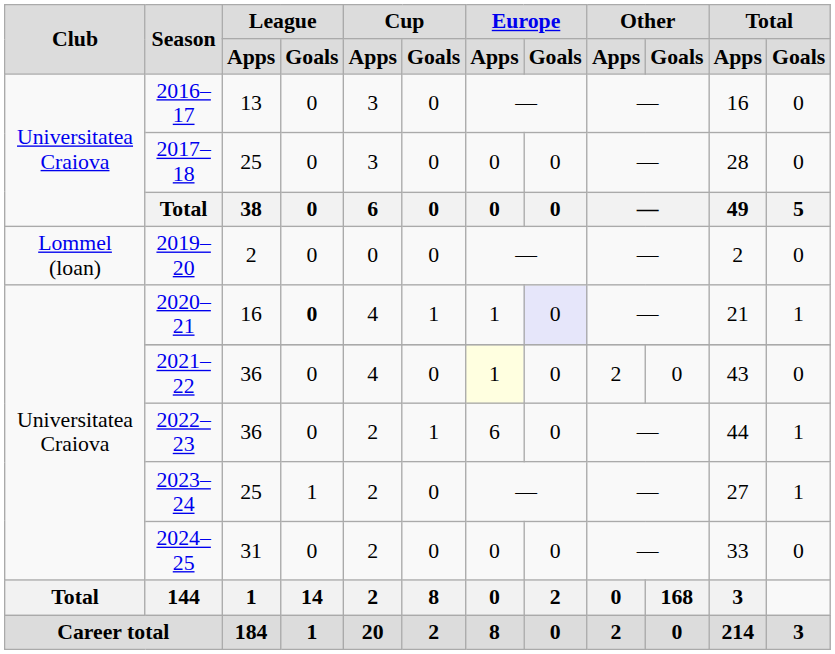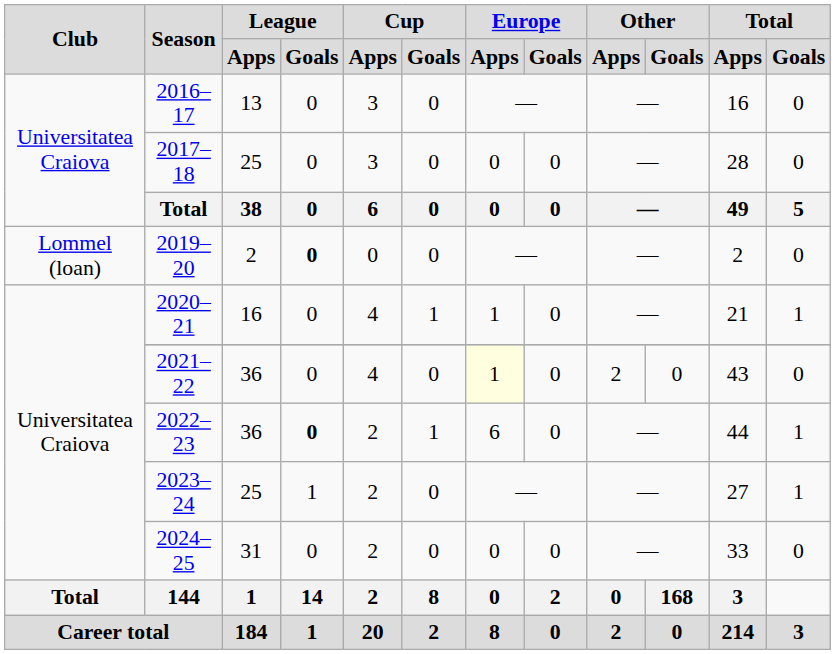 <table class="wikitable" style="text-align:center">
 <tr>
 <th style="background: #DCDCDC; text-align: center" rowspan="2"><strong>Club</strong></th>
 <th style="background: #DCDCDC; text-align: center" rowspan="2"><strong>Season</strong></th>
 <th style="background: #DCDCDC; text-align: center" colspan="2"><strong>League</strong></th>
 <th style="background: #DCDCDC; text-align: center" colspan="2"><strong>Cup</strong></th>
 <th style="background: #DCDCDC; text-align: center" colspan="2"><a href='#'>Europe</a></th>
 <th style="background: #DCDCDC; text-align: center" colspan="2"><strong>Other</strong></th>
 <th style="background: #DCDCDC; text-align: center" colspan="3"><strong>Total</strong></th>
 </tr>
 <tr>
 <th style="background:#dcdcdc; text-align:center;">Apps</th>
 <th style="background:#dcdcdc; text-align:center;">Goals</th>
 <th style="background:#dcdcdc; text-align:center;">Apps</th>
 <th style="background:#dcdcdc; text-align:center;">Goals</th>
 <th style="background:#dcdcdc; text-align:center;">Apps</th>
 <th style="background:#dcdcdc; text-align:center;">Goals</th>
 <th style="background:#dcdcdc; text-align:center;">Apps</th>
 <th style="background:#dcdcdc; text-align:center;">Goals</th>
 <th style="background:#dcdcdc; text-align:center;">Apps</th>
 <th style="background:#dcdcdc; text-align:center;">Goals</th>
 </tr>
 <tr>
 <td rowspan="3"><a href='#'>Universitatea Craiova</a></td>
 <td><a href='#'>2016–17</a></td>
 <td>13</td>
 <td>0</td>
 <td>3</td>
 <td>0</td>
 <td rowspan=1 colspan="2">—</td>
 <td rowspan=1 colspan="2">—</td>
 <td>16</td>
 <td>0</td>
 </tr>
 <tr>
 <td><a href='#'>2017–18</a></td>
 <td>25</td>
 <td>0</td>
 <td>3</td>
 <td>0</td>
 <td>0</td>
 <td>0</td>
 <td rowspan=1 colspan="2">—</td>
 <td>28</td>
 <td>0</td>
 </tr>
 <tr>
 <th colspan="1">Total</th>
 <th>38</th>
 <th>0</th>
 <th>6</th>
 <th>0</th>
 <th>0</th>
 <th>0</th>
 <th colspan="2">—</th>
 <th>49</th>
 <th>5</th>
 </tr>
 <tr>
 <td><a href='#'>Lommel</a> (loan)</td>
 <td><a href='#'>2019–20</a></td>
 <td>2</td>
-<td>0</td>
+<td><strong>0</strong></td>
 <td>0</td>
 <td>0</td>
 <td colspan="2">—</td>
 <td colspan="2">—</td>
 <td>2</td>
 <td>0</td>
 </tr>
 <tr>
 <td rowspan="6">Universitatea Craiova</td>
 <td><a href='#'>2020–21</a></td>
 <td>16</td>
-<td><strong>0</strong></td>
+<td>0</td>
 <td>4</td>
 <td>1</td>
 <td>1</td>
-<td style="background: lavender;">0</td>
+<td>0</td>
 <td colspan="2">—</td>
 <td>21</td>
 <td>1</td>
 </tr>
 <tr>
 </tr>
 <tr>
 <td><a href='#'>2021–22</a></td>
 <td>36</td>
 <td>0</td>
 <td>4</td>
 <td>0</td>
 <td style="background: lightyellow;">1</td>
 <td>0</td>
 <td>2</td>
 <td>0</td>
 <td>43</td>
 <td>0</td>
 </tr>
 <tr>
 <td><a href='#'>2022–23</a></td>
 <td>36</td>
-<td>0</td>
+<td><strong>0</strong></td>
 <td>2</td>
 <td>1</td>
 <td>6</td>
 <td>0</td>
 <td colspan="2">—</td>
 <td>44</td>
 <td>1</td>
 </tr>
 <tr>
 <td><a href='#'>2023–24</a></td>
 <td>25</td>
 <td>1</td>
 <td>2</td>
 <td>0</td>
 <td colspan="2">—</td>
 <td colspan="2">—</td>
 <td>27</td>
 <td>1</td>
 </tr>
 <tr>
 <td><a href='#'>2024–25</a></td>
 <td>31</td>
 <td>0</td>
 <td>2</td>
 <td>0</td>
 <td>0</td>
 <td>0</td>
 <td colspan="2">—</td>
 <td>33</td>
 <td>0</td>
 </tr>
 <tr>
 <th colspan="1">Total</th>
 <th>144</th>
 <th>1</th>
 <th>14</th>
 <th>2</th>
 <th>8</th>
 <th>0</th>
 <th>2</th>
 <th>0</th>
 <th>168</th>
 <th>3</th>
 </tr>
 <tr>
 <th colspan="2" style="background: #dcdcdc; text-align: center"><strong>Career total</strong></th>
 <th style="background:#dcdcdc; text-align:center;">184</th>
 <th style="background:#dcdcdc; text-align:center;">1</th>
 <th style="background:#dcdcdc; text-align:center;">20</th>
 <th style="background:#dcdcdc; text-align:center;">2</th>
 <th style="background:#dcdcdc; text-align:center;">8</th>
 <th style="background:#dcdcdc; text-align:center;">0</th>
 <th style="background:#dcdcdc; text-align:center;">2</th>
 <th style="background:#dcdcdc; text-align:center;">0</th>
 <th style="background:#dcdcdc; text-align:center;">214</th>
 <th style="background:#dcdcdc; text-align:center;">3</th>
 </tr>
 </table>
